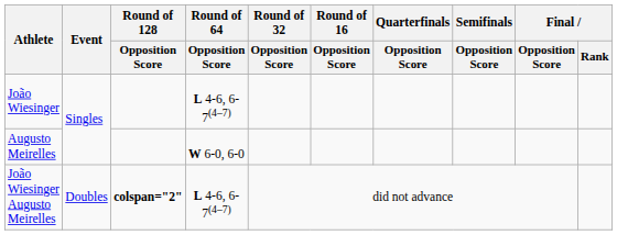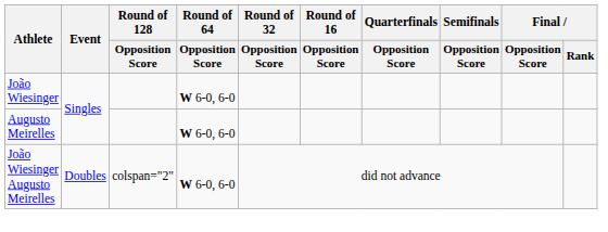 <table class=wikitable style="font-size:90%">
 <tr>
 <th rowspan="2">Athlete</th>
 <th rowspan="2">Event</th>
 <th>Round of 128</th>
 <th>Round of 64</th>
 <th>Round of 32</th>
 <th>Round of 16</th>
 <th>Quarterfinals</th>
 <th>Semifinals</th>
 <th colspan=2>Final / </th>
 </tr>
 <tr style="font-size:95%">
 <th>Opposition<br>Score</th>
 <th>Opposition<br>Score</th>
 <th>Opposition<br>Score</th>
 <th>Opposition<br>Score</th>
 <th>Opposition<br>Score</th>
 <th>Opposition<br>Score</th>
 <th>Opposition<br>Score</th>
 <th>Rank</th>
 </tr>
 <tr align=center>
 <td align=left><a href='#'>João Wiesinger</a></td>
 <td align=left rowspan="2"><a href='#'>Singles</a></td>
 <td></td>
-<td><br><strong>L</strong> 4-6, 6-7<sup>(4–7)</sup></td>
+<td><br><strong>W</strong> 6-0, 6-0</td>
 <td></td>
 <td></td>
 <td></td>
 <td></td>
 <td></td>
 <td></td>
 </tr>
 <tr align=center>
 <td align=left><a href='#'>Augusto Meirelles</a></td>
 <td></td>
 <td><br><strong>W</strong> 6-0, 6-0</td>
 <td></td>
 <td></td>
 <td></td>
 <td></td>
 <td></td>
 <td></td>
 </tr>
 <tr align=center>
 <td align=left><a href='#'>João Wiesinger</a><br><a href='#'>Augusto Meirelles</a></td>
 <td align=left rowspan="2"><a href='#'>Doubles</a></td>
-<td><strong>colspan="2" </strong></td>
-<td><br><strong>L</strong> 4-6, 6-7<sup>(4–7)</sup></td>
+<td>colspan="2" </td>
+<td><br><strong>W</strong> 6-0, 6-0</td>
 <td colspan="5">did not advance</td>
 </tr>
 </table>
